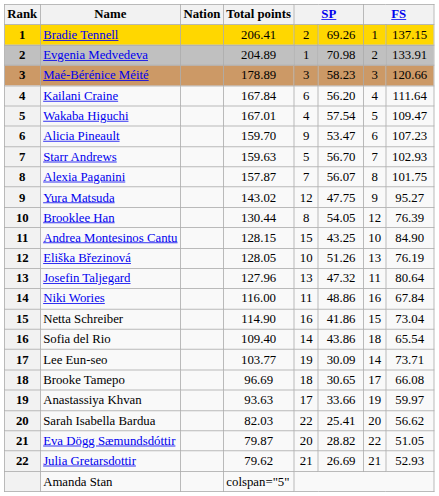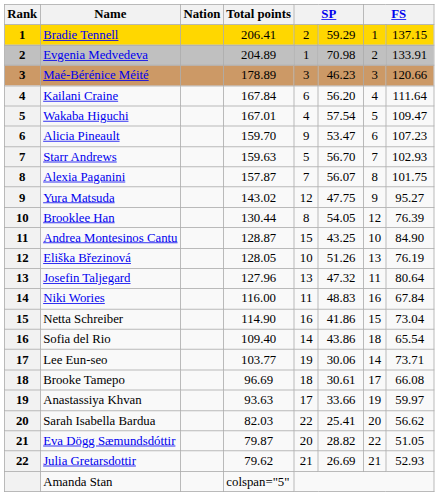 <table class="wikitable sortable">
 <tr>
 <th>Rank</th>
 <th>Name</th>
 <th>Nation</th>
 <th>Total points</th>
 <th colspan="2" width="80px"><a href='#'>SP</a></th>
 <th colspan="2" width="80px"><a href='#'>FS</a></th>
 </tr>
 <tr bgcolor="gold">
 <td align="center"><strong>1</strong></td>
 <td><a href='#'>Bradie Tennell</a></td>
 <td></td>
 <td align="center">206.41</td>
 <td align="center">2</td>
-<td align="center">69.26</td>
+<td align="center">59.29</td>
 <td align="center">1</td>
 <td align="center">137.15</td>
 </tr>
 <tr bgcolor="silver">
 <td align="center"><strong>2</strong></td>
 <td><a href='#'>Evgenia Medvedeva</a></td>
 <td></td>
 <td align="center">204.89</td>
 <td align="center">1</td>
 <td align="center">70.98</td>
 <td align="center">2</td>
 <td align="center">133.91</td>
 </tr>
 <tr bgcolor="cc9966">
 <td align="center"><strong>3</strong></td>
 <td><a href='#'>Maé-Bérénice Méité</a></td>
 <td></td>
 <td align="center">178.89</td>
 <td align="center">3</td>
-<td align="center">58.23</td>
+<td align="center">46.23</td>
 <td align="center">3</td>
 <td align="center">120.66</td>
 </tr>
 <tr>
 <th>4</th>
 <td><a href='#'>Kailani Craine</a></td>
 <td></td>
 <td align="center">167.84</td>
 <td align="center">6</td>
 <td align="center">56.20</td>
 <td align="center">4</td>
 <td align="center">111.64</td>
 </tr>
 <tr>
 <th>5</th>
 <td><a href='#'>Wakaba Higuchi</a></td>
 <td></td>
 <td align="center">167.01</td>
 <td align="center">4</td>
 <td align="center">57.54</td>
 <td align="center">5</td>
 <td align="center">109.47</td>
 </tr>
 <tr>
 <th>6</th>
 <td><a href='#'>Alicia Pineault</a></td>
 <td></td>
 <td align="center">159.70</td>
 <td align="center">9</td>
 <td align="center">53.47</td>
 <td align="center">6</td>
 <td align="center">107.23</td>
 </tr>
 <tr>
 <th>7</th>
 <td><a href='#'>Starr Andrews</a></td>
 <td></td>
 <td align="center">159.63</td>
 <td align="center">5</td>
 <td align="center">56.70</td>
 <td align="center">7</td>
 <td align="center">102.93</td>
 </tr>
 <tr>
 <th>8</th>
 <td><a href='#'>Alexia Paganini</a></td>
 <td></td>
 <td align="center">157.87</td>
 <td align="center">7</td>
 <td align="center">56.07</td>
 <td align="center">8</td>
 <td align="center">101.75</td>
 </tr>
 <tr>
 <th>9</th>
 <td><a href='#'>Yura Matsuda</a></td>
 <td></td>
 <td align="center">143.02</td>
 <td align="center">12</td>
 <td align="center">47.75</td>
 <td align="center">9</td>
 <td align="center">95.27</td>
 </tr>
 <tr>
 <th>10</th>
 <td><a href='#'>Brooklee Han</a></td>
 <td></td>
 <td align="center">130.44</td>
 <td align="center">8</td>
 <td align="center">54.05</td>
 <td align="center">12</td>
 <td align="center">76.39</td>
 </tr>
 <tr>
 <th>11</th>
 <td><a href='#'>Andrea Montesinos Cantu</a></td>
 <td></td>
-<td align="center">128.15</td>
+<td align="center">128.87</td>
 <td align="center">15</td>
 <td align="center">43.25</td>
 <td align="center">10</td>
 <td align="center">84.90</td>
 </tr>
 <tr>
 <th>12</th>
 <td><a href='#'>Eliška Březinová</a></td>
 <td></td>
 <td align="center">128.05</td>
 <td align="center">10</td>
 <td align="center">51.26</td>
 <td align="center">13</td>
 <td align="center">76.19</td>
 </tr>
 <tr>
 <th>13</th>
 <td><a href='#'>Josefin Taljegard</a></td>
 <td></td>
 <td align="center">127.96</td>
 <td align="center">13</td>
 <td align="center">47.32</td>
 <td align="center">11</td>
 <td align="center">80.64</td>
 </tr>
 <tr>
 <th>14</th>
 <td><a href='#'>Niki Wories</a></td>
 <td></td>
 <td align="center">116.00</td>
 <td align="center">11</td>
-<td align="center">48.86</td>
+<td align="center">48.83</td>
 <td align="center">16</td>
 <td align="center">67.84</td>
 </tr>
 <tr>
 <th>15</th>
 <td>Netta Schreiber</td>
 <td></td>
 <td align="center">114.90</td>
 <td align="center">16</td>
 <td align="center">41.86</td>
 <td align="center">15</td>
 <td align="center">73.04</td>
 </tr>
 <tr>
 <th>16</th>
 <td>Sofia del Rio</td>
 <td></td>
 <td align="center">109.40</td>
 <td align="center">14</td>
 <td align="center">43.86</td>
 <td align="center">18</td>
 <td align="center">65.54</td>
 </tr>
 <tr>
 <th>17</th>
 <td>Lee Eun-seo</td>
 <td></td>
 <td align="center">103.77</td>
 <td align="center">19</td>
-<td align="center">30.09</td>
+<td align="center">30.06</td>
 <td align="center">14</td>
 <td align="center">73.71</td>
 </tr>
 <tr>
 <th>18</th>
 <td>Brooke Tamepo</td>
 <td></td>
 <td align="center">96.69</td>
 <td align="center">18</td>
-<td align="center">30.65</td>
+<td align="center">30.61</td>
 <td align="center">17</td>
 <td align="center">66.08</td>
 </tr>
 <tr>
 <th>19</th>
 <td>Anastassiya Khvan</td>
 <td></td>
 <td align="center">93.63</td>
 <td align="center">17</td>
 <td align="center">33.66</td>
 <td align="center">19</td>
 <td align="center">59.97</td>
 </tr>
 <tr>
 <th>20</th>
 <td>Sarah Isabella Bardua</td>
 <td></td>
 <td align="center">82.03</td>
 <td align="center">22</td>
 <td align="center">25.41</td>
 <td align="center">20</td>
 <td align="center">56.62</td>
 </tr>
 <tr>
 <th>21</th>
 <td><a href='#'>Eva Dögg Sæmundsdóttir</a></td>
 <td></td>
 <td align="center">79.87</td>
 <td align="center">20</td>
 <td align="center">28.82</td>
 <td align="center">22</td>
 <td align="center">51.05</td>
 </tr>
 <tr>
 <th>22</th>
 <td><a href='#'>Julia Gretarsdottir</a></td>
 <td></td>
 <td align="center">79.62</td>
 <td align="center">21</td>
 <td align="center">26.69</td>
 <td align="center">21</td>
 <td align="center">52.93</td>
 </tr>
 <tr>
 <th></th>
 <td>Amanda Stan</td>
 <td></td>
 <td>colspan="5" </td>
 </tr>
 </table>
